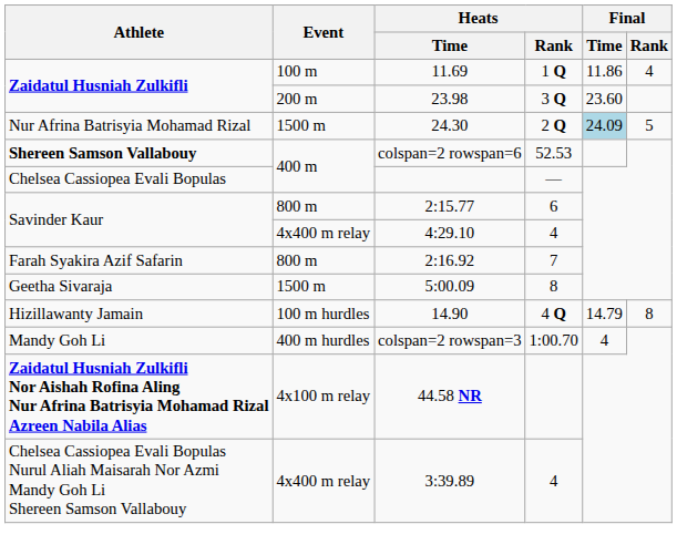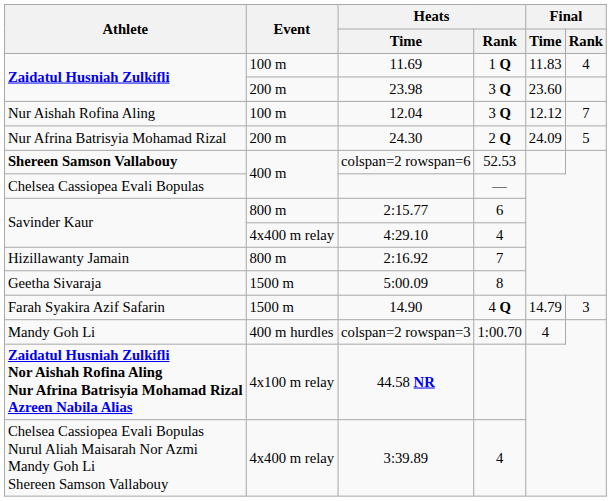 <table class="wikitable" style="font-size:90%">
 <tr>
 <th rowspan="2">Athlete</th>
 <th rowspan="2">Event</th>
 <th colspan="2">Heats</th>
 <th colspan="2">Final</th>
 </tr>
 <tr>
 <th>Time</th>
 <th>Rank</th>
 <th>Time</th>
 <th>Rank</th>
 </tr>
 <tr align="center">
 <td align="left" rowspan=2><strong><a href='#'>Zaidatul Husniah Zulkifli</a></strong></td>
 <td align="left">100 m</td>
 <td>11.69</td>
 <td>1 <strong>Q</strong></td>
-<td>11.86</td>
+<td>11.83</td>
 <td>4</td>
 </tr>
 <tr align="center">
 <td align="left">200 m</td>
 <td>23.98</td>
 <td>3 <strong>Q</strong></td>
 <td>23.60</td>
 <td></td>
 </tr>
 <tr align="center">
+<td align="left">Nur Aishah Rofina Aling</td>
+<td align="left">100 m</td>
+<td>12.04</td>
+<td>3 <strong>Q</strong></td>
+<td>12.12</td>
+<td>7</td>
+</tr>
+<tr align="center">
 <td align="left">Nur Afrina Batrisyia Mohamad Rizal</td>
-<td align="left">1500 m</td>
+<td align="left">200 m</td>
 <td>24.30</td>
 <td>2 <strong>Q</strong></td>
-<td style="background: lightblue;">24.09</td>
+<td>24.09</td>
 <td>5</td>
 </tr>
 <tr align="center">
 <td align="left"><strong>Shereen Samson Vallabouy</strong></td>
 <td align="left" rowspan=2>400 m</td>
 <td>colspan=2 rowspan=6 </td>
 <td>52.53</td>
 <td></td>
 </tr>
 <tr align="center">
 <td align="left">Chelsea Cassiopea Evali Bopulas</td>
 <td></td>
 <td>—</td>
 </tr>
 <tr align="center">
 <td align="left" rowspan=2>Savinder Kaur</td>
 <td align="left">800 m</td>
 <td>2:15.77</td>
 <td>6</td>
 </tr>
 <tr align="center">
 <td align="left">4x400 m relay</td>
 <td>4:29.10</td>
 <td>4</td>
 </tr>
 <tr align="center">
-<td align="left">Farah Syakira Azif Safarin</td>
+<td align="left">Hizillawanty Jamain</td>
 <td align="left">800 m</td>
 <td>2:16.92</td>
 <td>7</td>
 </tr>
 <tr align="center">
 <td align="left">Geetha Sivaraja</td>
 <td align="left">1500 m</td>
 <td>5:00.09</td>
 <td>8</td>
 </tr>
 <tr align="center">
-<td align="left">Hizillawanty Jamain</td>
-<td align="left">100 m hurdles</td>
+<td align="left">Farah Syakira Azif Safarin</td>
+<td align="left">1500 m</td>
 <td>14.90</td>
 <td>4 <strong>Q</strong></td>
 <td>14.79</td>
-<td>8</td>
+<td>3</td>
 </tr>
 <tr align="center">
 <td align="left">Mandy Goh Li</td>
 <td align="left">400 m hurdles</td>
 <td>colspan=2 rowspan=3 </td>
 <td>1:00.70</td>
 <td>4</td>
 </tr>
 <tr align="center">
 <td align="left"><strong><a href='#'>Zaidatul Husniah Zulkifli</a><br>Nor Aishah Rofina Aling<br>Nur Afrina Batrisyia Mohamad Rizal<br><a href='#'>Azreen Nabila Alias</a></strong></td>
 <td align="left">4x100 m relay</td>
 <td>44.58 <strong><a href='#'>NR</a></strong></td>
 <td></td>
 </tr>
 <tr align="center">
 <td align="left">Chelsea Cassiopea Evali Bopulas<br>Nurul Aliah Maisarah Nor Azmi<br>Mandy Goh Li<br>Shereen Samson Vallabouy</td>
 <td align="left">4x400 m relay</td>
 <td>3:39.89</td>
 <td>4</td>
 </tr>
 </table>
